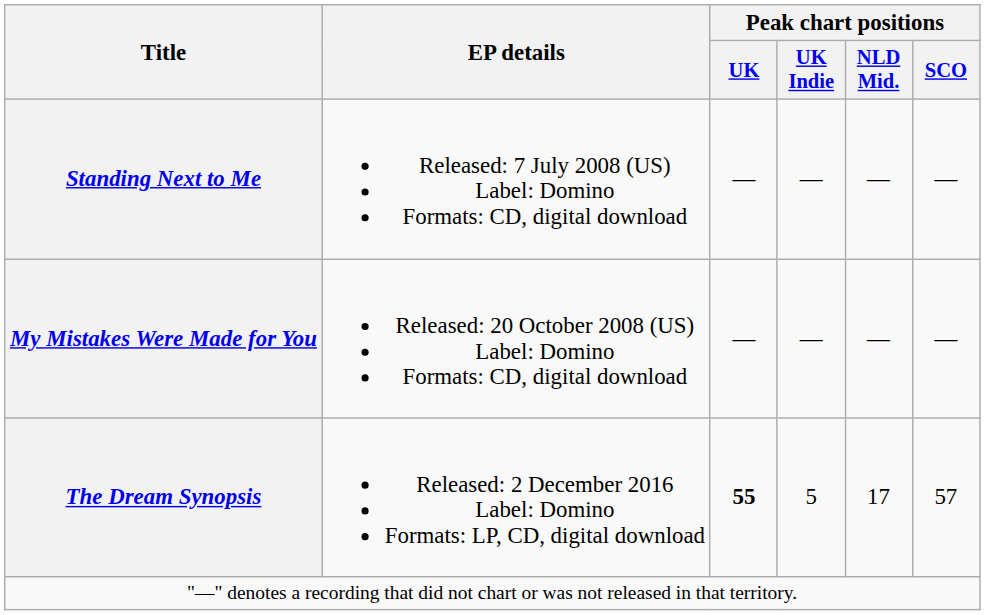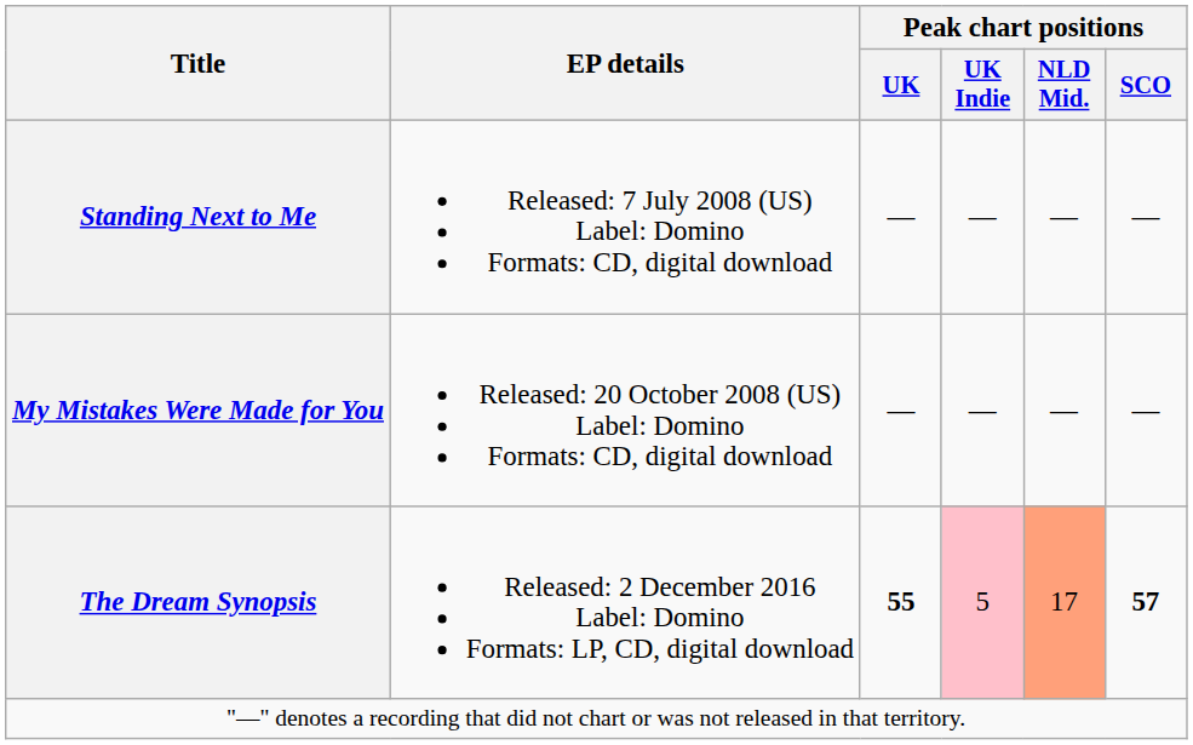 <table class="wikitable plainrowheaders" style="text-align:center;">
 <tr>
 <th scope="col" rowspan="2">Title</th>
 <th scope="col" rowspan="2">EP details</th>
 <th scope="col" colspan="4">Peak chart positions</th>
 </tr>
 <tr>
 <th scope="col" style="width:2.8em;font-size:90%;"><a href='#'>UK</a><br></th>
 <th scope="col" style="width:2.8em;font-size:90%;"><a href='#'>UK<br>Indie</a><br></th>
 <th scope="col" style="width:2.8em;font-size:90%;"><a href='#'>NLD<br>Mid.</a><br></th>
 <th scope="col" style="width:2.8em;font-size:90%;"><a href='#'>SCO</a><br></th>
 </tr>
 <tr>
 <th scope="row"><em><a href='#'>Standing Next to Me</a></em></th>
 <td><br><ul><li>Released: 7 July 2008 (US)</li><li>Label: Domino</li><li>Formats: CD, digital download</li></ul></td>
 <td>—</td>
 <td>—</td>
 <td>—</td>
 <td>—</td>
 </tr>
 <tr>
 <th scope="row"><em><a href='#'>My Mistakes Were Made for You</a></em></th>
 <td><br><ul><li>Released: 20 October 2008 (US)</li><li>Label: Domino</li><li>Formats: CD, digital download</li></ul></td>
 <td>—</td>
 <td>—</td>
 <td>—</td>
 <td>—</td>
 </tr>
 <tr>
 <th scope="row"><em><a href='#'>The Dream Synopsis</a></em></th>
 <td><br><ul><li>Released: 2 December 2016</li><li>Label: Domino</li><li>Formats: LP, CD, digital download</li></ul></td>
 <td><strong>55</strong></td>
-<td>5</td>
-<td>17</td>
-<td>57</td>
+<td style="background: pink;">5</td>
+<td style="background: lightsalmon;">17</td>
+<td><strong>57</strong></td>
 </tr>
 <tr>
 <td colspan="13" style="font-size:85%">"—" denotes a recording that did not chart or was not released in that territory.</td>
 </tr>
 </table>
